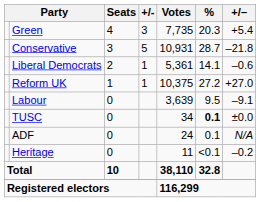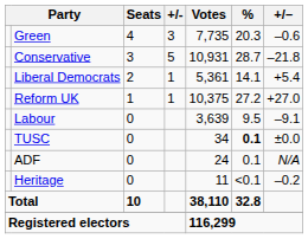 <table class="wikitable sortable">
 <tr>
 <th colspan="2">Party</th>
 <th>Seats</th>
 <th>+/-</th>
 <th>Votes</th>
 <th>%</th>
 <th>+/–</th>
 </tr>
 <tr>
 <td style="background-color: "></td>
 <td><a href='#'>Green</a></td>
 <td> 4</td>
 <td> 3</td>
 <td style="text-align:right;">7,735</td>
 <td style="text-align:right;">20.3</td>
-<td style="text-align:right;">+5.4</td>
+<td style="text-align:right;">–0.6</td>
 </tr>
 <tr>
 <td style="background-color: "></td>
 <td><a href='#'>Conservative</a></td>
 <td> 3</td>
 <td> 5</td>
 <td style="text-align:right;">10,931</td>
 <td style="text-align:right;">28.7</td>
 <td style="text-align:right;">–21.8</td>
 </tr>
 <tr>
 <td style="background-color: "></td>
 <td><a href='#'>Liberal Democrats</a></td>
 <td> 2</td>
 <td> 1</td>
 <td style="text-align:right;">5,361</td>
 <td style="text-align:right;">14.1</td>
-<td style="text-align:right;">–0.6</td>
+<td style="text-align:right;">+5.4</td>
 </tr>
 <tr>
 <td style="background-color: "></td>
 <td><a href='#'>Reform UK</a></td>
 <td>1</td>
 <td> 1</td>
 <td style="text-align:right;">10,375</td>
 <td style="text-align:right;">27.2</td>
 <td style="text-align:right;">+27.0</td>
 </tr>
 <tr>
 <td style="background-color: "></td>
 <td><a href='#'>Labour</a></td>
 <td>0</td>
 <td></td>
 <td style="text-align:right;"> 3,639</td>
 <td style="text-align:right;">9.5</td>
 <td style="text-align:right;">–9.1</td>
 </tr>
 <tr>
 <td style="background-color: "></td>
 <td><a href='#'>TUSC</a></td>
 <td>0</td>
 <td></td>
 <td style="text-align:right;">34</td>
 <td style="text-align:right;"><strong>0.1</strong></td>
 <td style="text-align:right;">±0.0</td>
 </tr>
 <tr>
 <td style="background-color: "></td>
 <td>ADF</td>
 <td>0</td>
 <td></td>
 <td style="text-align:right;">24</td>
 <td style="text-align:right;">0.1</td>
 <td style="text-align:right;"><em>N/A</em></td>
 </tr>
 <tr>
 <td style="background-color: "></td>
 <td><a href='#'>Heritage</a></td>
 <td>0</td>
 <td></td>
 <td style="text-align:right;">11</td>
 <td style="text-align:right;"> <0.1</td>
 <td style="text-align:right;">–0.2</td>
 </tr>
 <tr>
 <td colspan="2"><strong>Total</strong></td>
 <td><strong>10</strong></td>
 <td></td>
 <td style="text-align:right;"><strong>38,110</strong></td>
 <td style="text-align:right;"><strong>32.8</strong></td>
 <td style="text-align:right;"></td>
 </tr>
 <tr>
 </tr>
 <tr>
 <td colspan="4"><strong>Registered electors</strong></td>
 <td colspan="3" style="text-align:left;"><strong>116,299</strong></td>
 </tr>
 </table>
